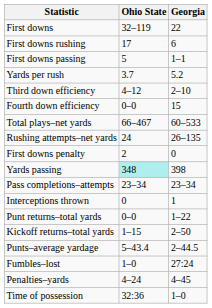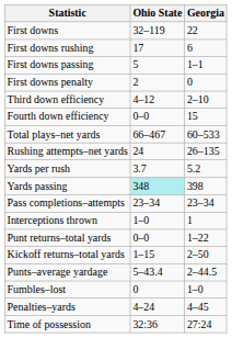 <table class="wikitable">
 <tr>
 <th>Statistic</th>
 <th><strong>Ohio State</strong></th>
 <th><strong>Georgia</strong></th>
 </tr>
 <tr>
 <td>First downs</td>
 <td>32–119</td>
 <td>22</td>
 </tr>
 <tr>
 <td>First downs rushing</td>
 <td>17</td>
 <td>6</td>
 </tr>
 <tr>
 <td>First downs passing</td>
 <td>5</td>
 <td>1–1</td>
 </tr>
 <tr>
-<td>Yards per rush</td>
-<td>3.7</td>
-<td>5.2</td>
+<td>First downs penalty</td>
+<td>2</td>
+<td>0</td>
 </tr>
 <tr>
 <td>Third down efficiency</td>
 <td>4–12</td>
 <td>2–10</td>
 </tr>
 <tr>
 <td>Fourth down efficiency</td>
 <td>0–0</td>
 <td>15</td>
 </tr>
 <tr>
 <td>Total plays–net yards</td>
 <td>66–467</td>
 <td>60–533</td>
 </tr>
 <tr>
 <td>Rushing attempts–net yards</td>
 <td>24</td>
 <td>26–135</td>
 </tr>
 <tr>
-<td>First downs penalty</td>
-<td>2</td>
-<td>0</td>
+<td>Yards per rush</td>
+<td>3.7</td>
+<td>5.2</td>
 </tr>
 <tr>
 <td>Yards passing</td>
 <td style="background: paleturquoise;">348</td>
 <td>398</td>
 </tr>
 <tr>
 <td>Pass completions–attempts</td>
 <td>23–34</td>
 <td>23–34</td>
 </tr>
 <tr>
 <td>Interceptions thrown</td>
-<td>0</td>
+<td>1–0</td>
 <td>1</td>
 </tr>
 <tr>
 <td>Punt returns–total yards</td>
 <td>0–0</td>
 <td>1–22</td>
 </tr>
 <tr>
 <td>Kickoff returns–total yards</td>
 <td>1–15</td>
 <td>2–50</td>
 </tr>
 <tr>
 <td>Punts–average yardage</td>
 <td>5–43.4</td>
 <td>2–44.5</td>
 </tr>
 <tr>
 <td>Fumbles–lost</td>
+<td>0</td>
 <td>1–0</td>
-<td>27:24</td>
 </tr>
 <tr>
 <td>Penalties–yards</td>
 <td>4–24</td>
 <td>4–45</td>
 </tr>
 <tr>
 <td>Time of possession</td>
 <td>32:36</td>
-<td>1–0</td>
+<td>27:24</td>
 </tr>
 </table>
